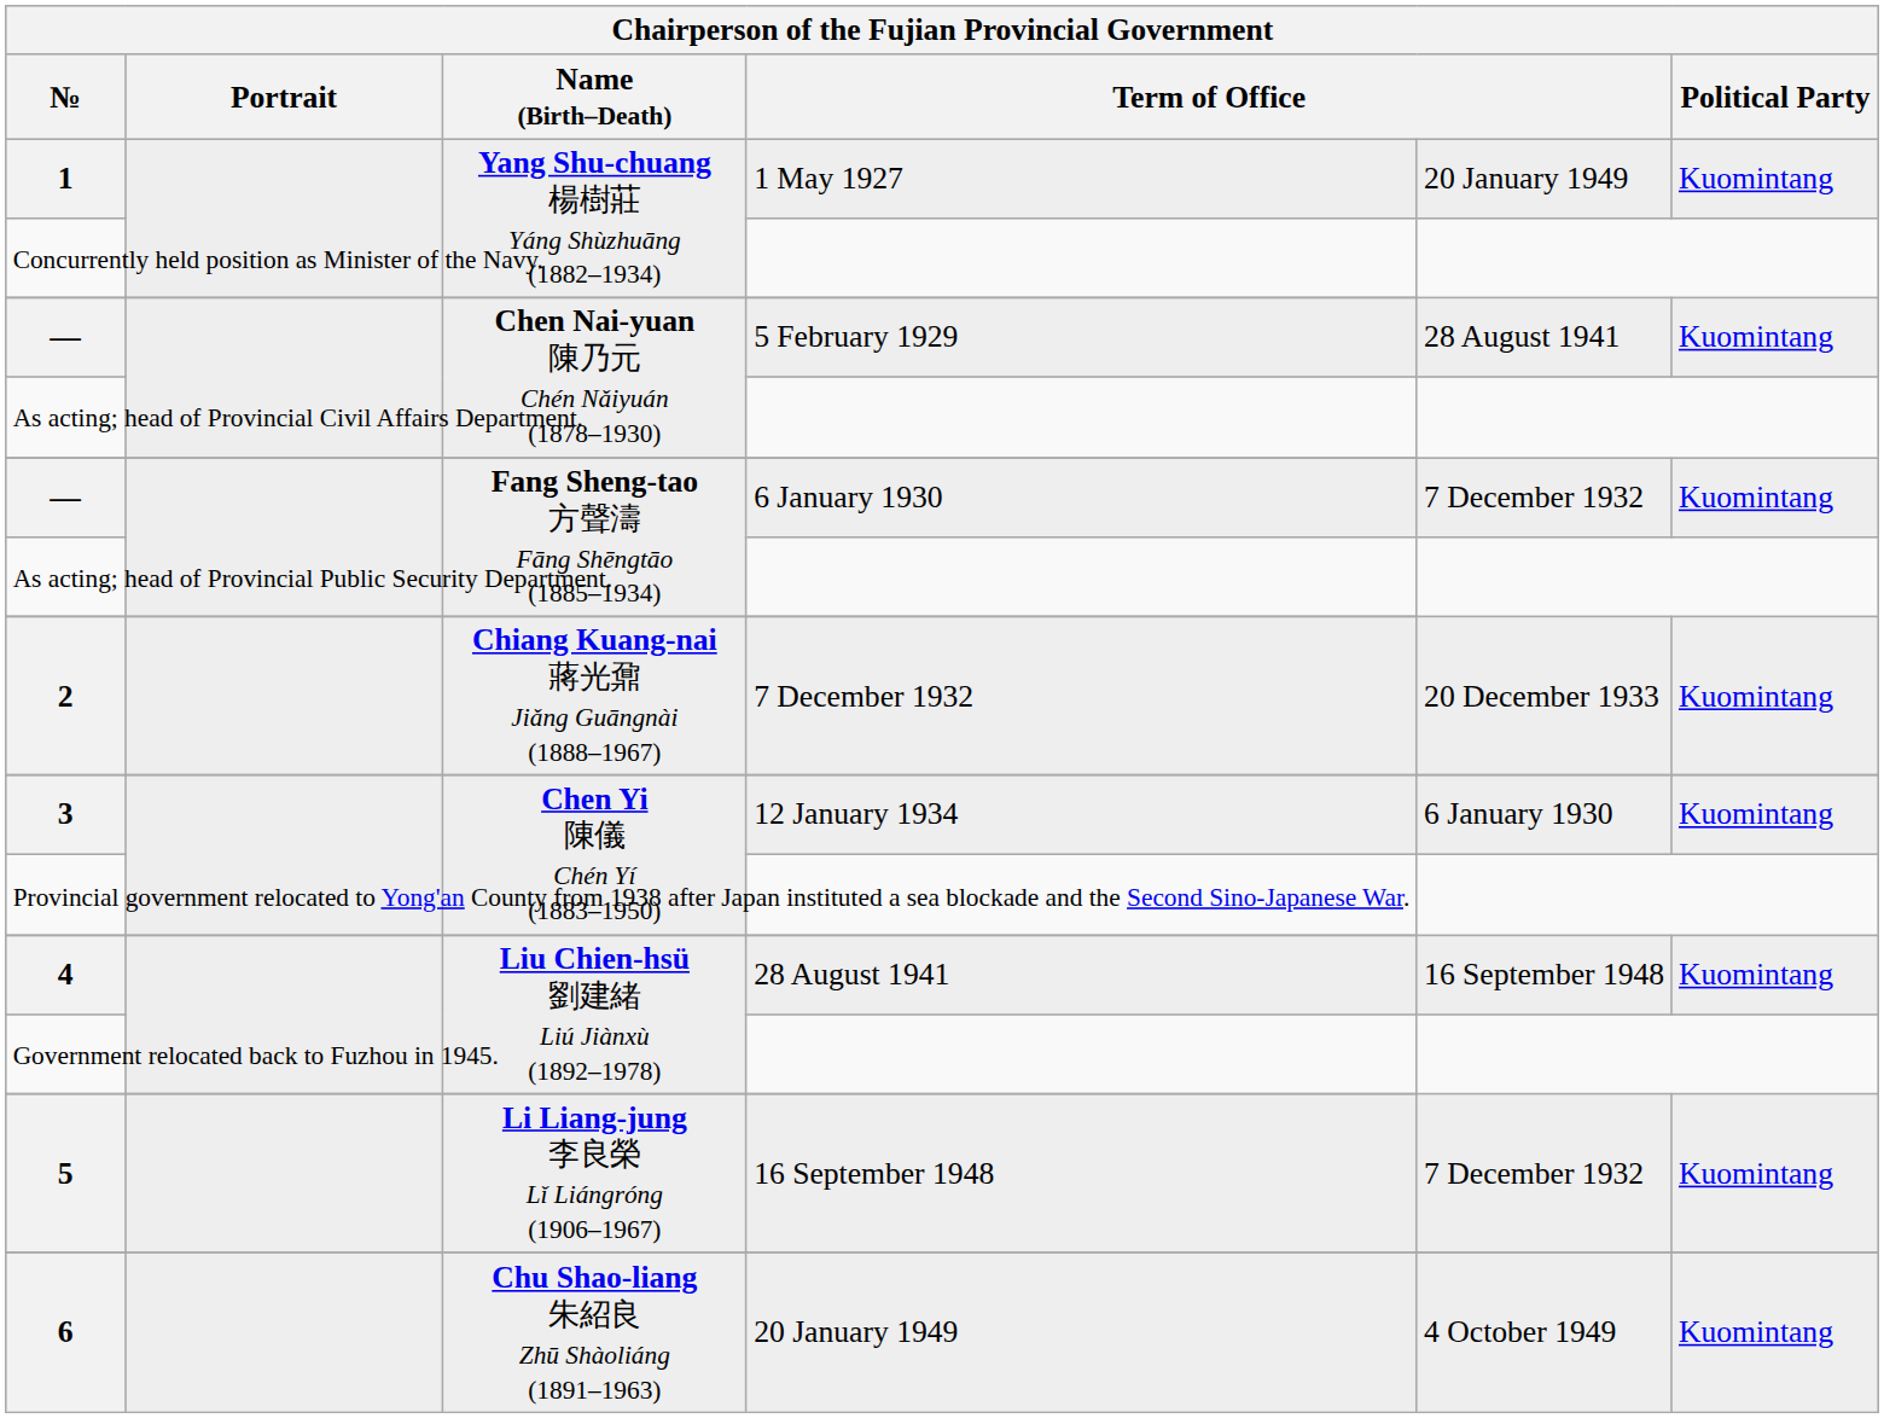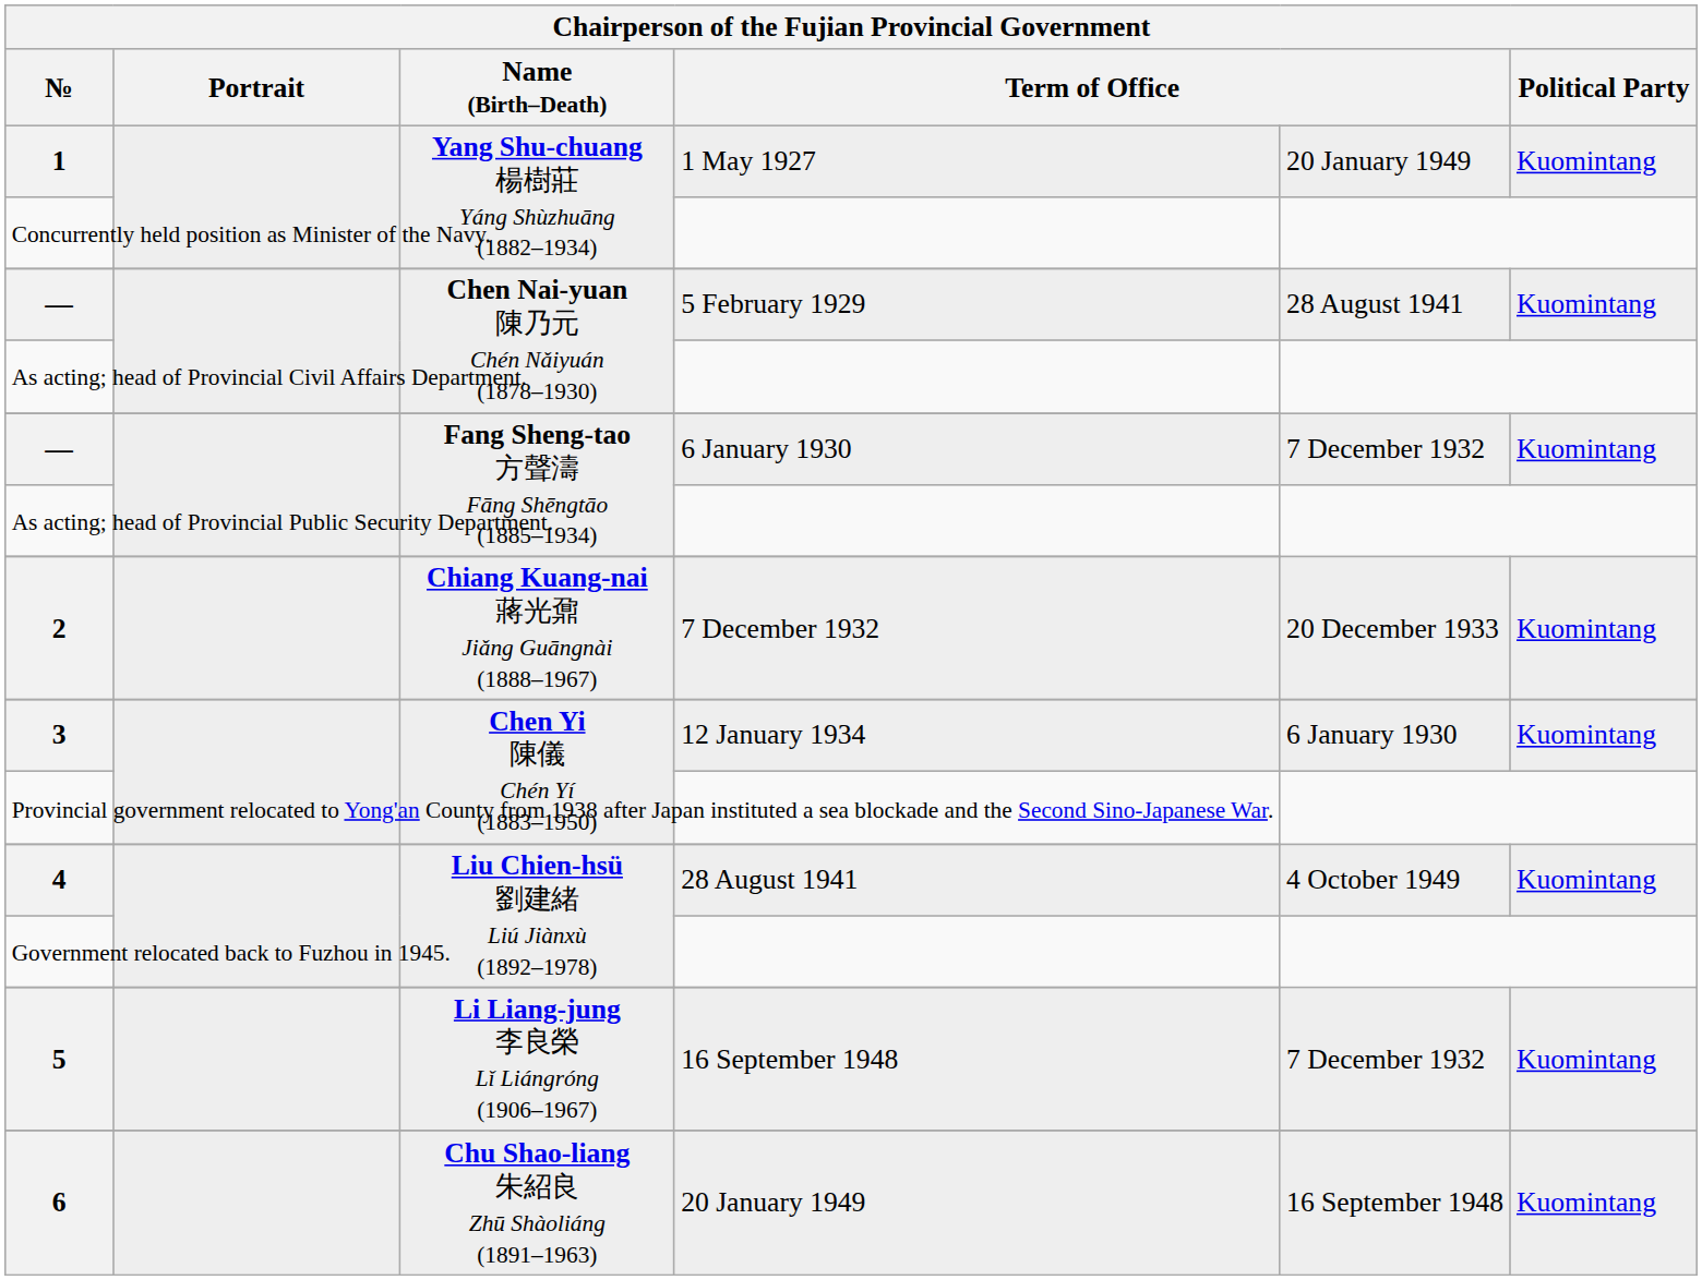 <table class="wikitable">
 <tr>
 <th colspan=6>Chairperson of the Fujian Provincial Government</th>
 </tr>
 <tr>
 <th>№</th>
 <th>Portrait</th>
 <th width=150px>Name<br><small>(Birth–Death)</small></th>
 <th colspan=2 width=200px>Term of Office</th>
 <th width=100px>Political Party</th>
 </tr>
 <tr - bgcolor=#EEEEEE>
 <th style="background:">1</th>
 <td rowspan=2 align=center></td>
 <td rowspan=2 align=center><strong><a href='#'>Yang Shu-chuang</a></strong><br><span>楊樹莊</span><br><small><em>Yáng Shùzhuāng</em><br>(1882–1934)</small></td>
 <td>1 May 1927</td>
 <td>20 January 1949</td>
 <td><a href='#'>Kuomintang</a></td>
 </tr>
 <tr>
 <td colspan=4><small>Concurrently held position as Minister of the Navy.</small></td>
 </tr>
 <tr ->
 </tr>
 <tr - bgcolor=#EEEEEE>
 <th style="background:">—</th>
 <td rowspan=2 align=center></td>
 <td rowspan=2 align=center><strong>Chen Nai-yuan</strong><br><span>陳乃元</span><br><small><em>Chén Nǎiyuán</em><br>(1878–1930)</small></td>
 <td>5 February 1929</td>
 <td>28 August 1941</td>
 <td><a href='#'>Kuomintang</a></td>
 </tr>
 <tr>
 <td colspan=4><small>As acting; head of Provincial Civil Affairs Department.</small></td>
 </tr>
 <tr ->
 </tr>
 <tr - bgcolor=#EEEEEE>
 <th style="background:">—</th>
 <td rowspan=2 align=center></td>
 <td rowspan=2 align=center><strong>Fang Sheng-tao</strong><br><span>方聲濤</span><br><small><em>Fāng Shēngtāo</em><br>(1885–1934)</small></td>
 <td>6 January 1930</td>
 <td>7 December 1932</td>
 <td><a href='#'>Kuomintang</a></td>
 </tr>
 <tr>
 <td colspan=4><small>As acting; head of Provincial Public Security Department.</small></td>
 </tr>
 <tr ->
 </tr>
 <tr - bgcolor=#EEEEEE>
 <th style="background:">2</th>
 <td align=center></td>
 <td align=center><strong><a href='#'>Chiang Kuang-nai</a></strong><br><span>蔣光鼐</span><br><small><em>Jiǎng Guāngnài</em><br>(1888–1967)</small></td>
 <td>7 December 1932</td>
 <td>20 December 1933</td>
 <td><a href='#'>Kuomintang</a></td>
 </tr>
 <tr ->
 </tr>
 <tr - bgcolor=#EEEEEE>
 <th style="background:">3</th>
 <td rowspan=2 align=center></td>
 <td rowspan=2 align=center><strong><a href='#'>Chen Yi</a></strong><br><span>陳儀</span><br><small><em>Chén Yí</em><br>(1883–1950)</small></td>
 <td>12 January 1934</td>
 <td>6 January 1930</td>
 <td><a href='#'>Kuomintang</a></td>
 </tr>
 <tr>
 <td colspan=4><small>Provincial government relocated to <a href='#'>Yong'an</a> County from 1938 after Japan instituted a sea blockade and the <a href='#'>Second Sino-Japanese War</a>.</small></td>
 </tr>
 <tr ->
 </tr>
 <tr - bgcolor=#EEEEEE>
 <th style="background:">4</th>
 <td rowspan=2 align=center></td>
 <td rowspan=2 align=center><strong><a href='#'>Liu Chien-hsü</a></strong><br><span>劉建緒</span><br><small><em>Liú Jiànxù</em><br>(1892–1978)</small></td>
 <td>28 August 1941</td>
-<td>16 September 1948</td>
+<td>4 October 1949</td>
 <td><a href='#'>Kuomintang</a></td>
 </tr>
 <tr>
 <td colspan=4><small>Government relocated back to Fuzhou in 1945.</small></td>
 </tr>
 <tr ->
 </tr>
 <tr - bgcolor=#EEEEEE>
 <th style="background:">5</th>
 <td align=center></td>
 <td align=center><strong><a href='#'>Li Liang-jung</a></strong><br><span>李良榮</span><br><small><em>Lǐ Liángróng</em><br>(1906–1967)</small></td>
 <td>16 September 1948</td>
 <td>7 December 1932</td>
 <td><a href='#'>Kuomintang</a></td>
 </tr>
 <tr ->
 </tr>
 <tr - bgcolor=#EEEEEE>
 <th style="background:">6</th>
 <td align=center></td>
 <td align=center><strong><a href='#'>Chu Shao-liang</a></strong><br><span>朱紹良</span><br><small><em>Zhū Shàoliáng</em><br>(1891–1963)</small></td>
 <td>20 January 1949</td>
-<td>4 October 1949</td>
+<td>16 September 1948</td>
 <td><a href='#'>Kuomintang</a></td>
 </tr>
 <tr ->
 </tr>
 </table>
